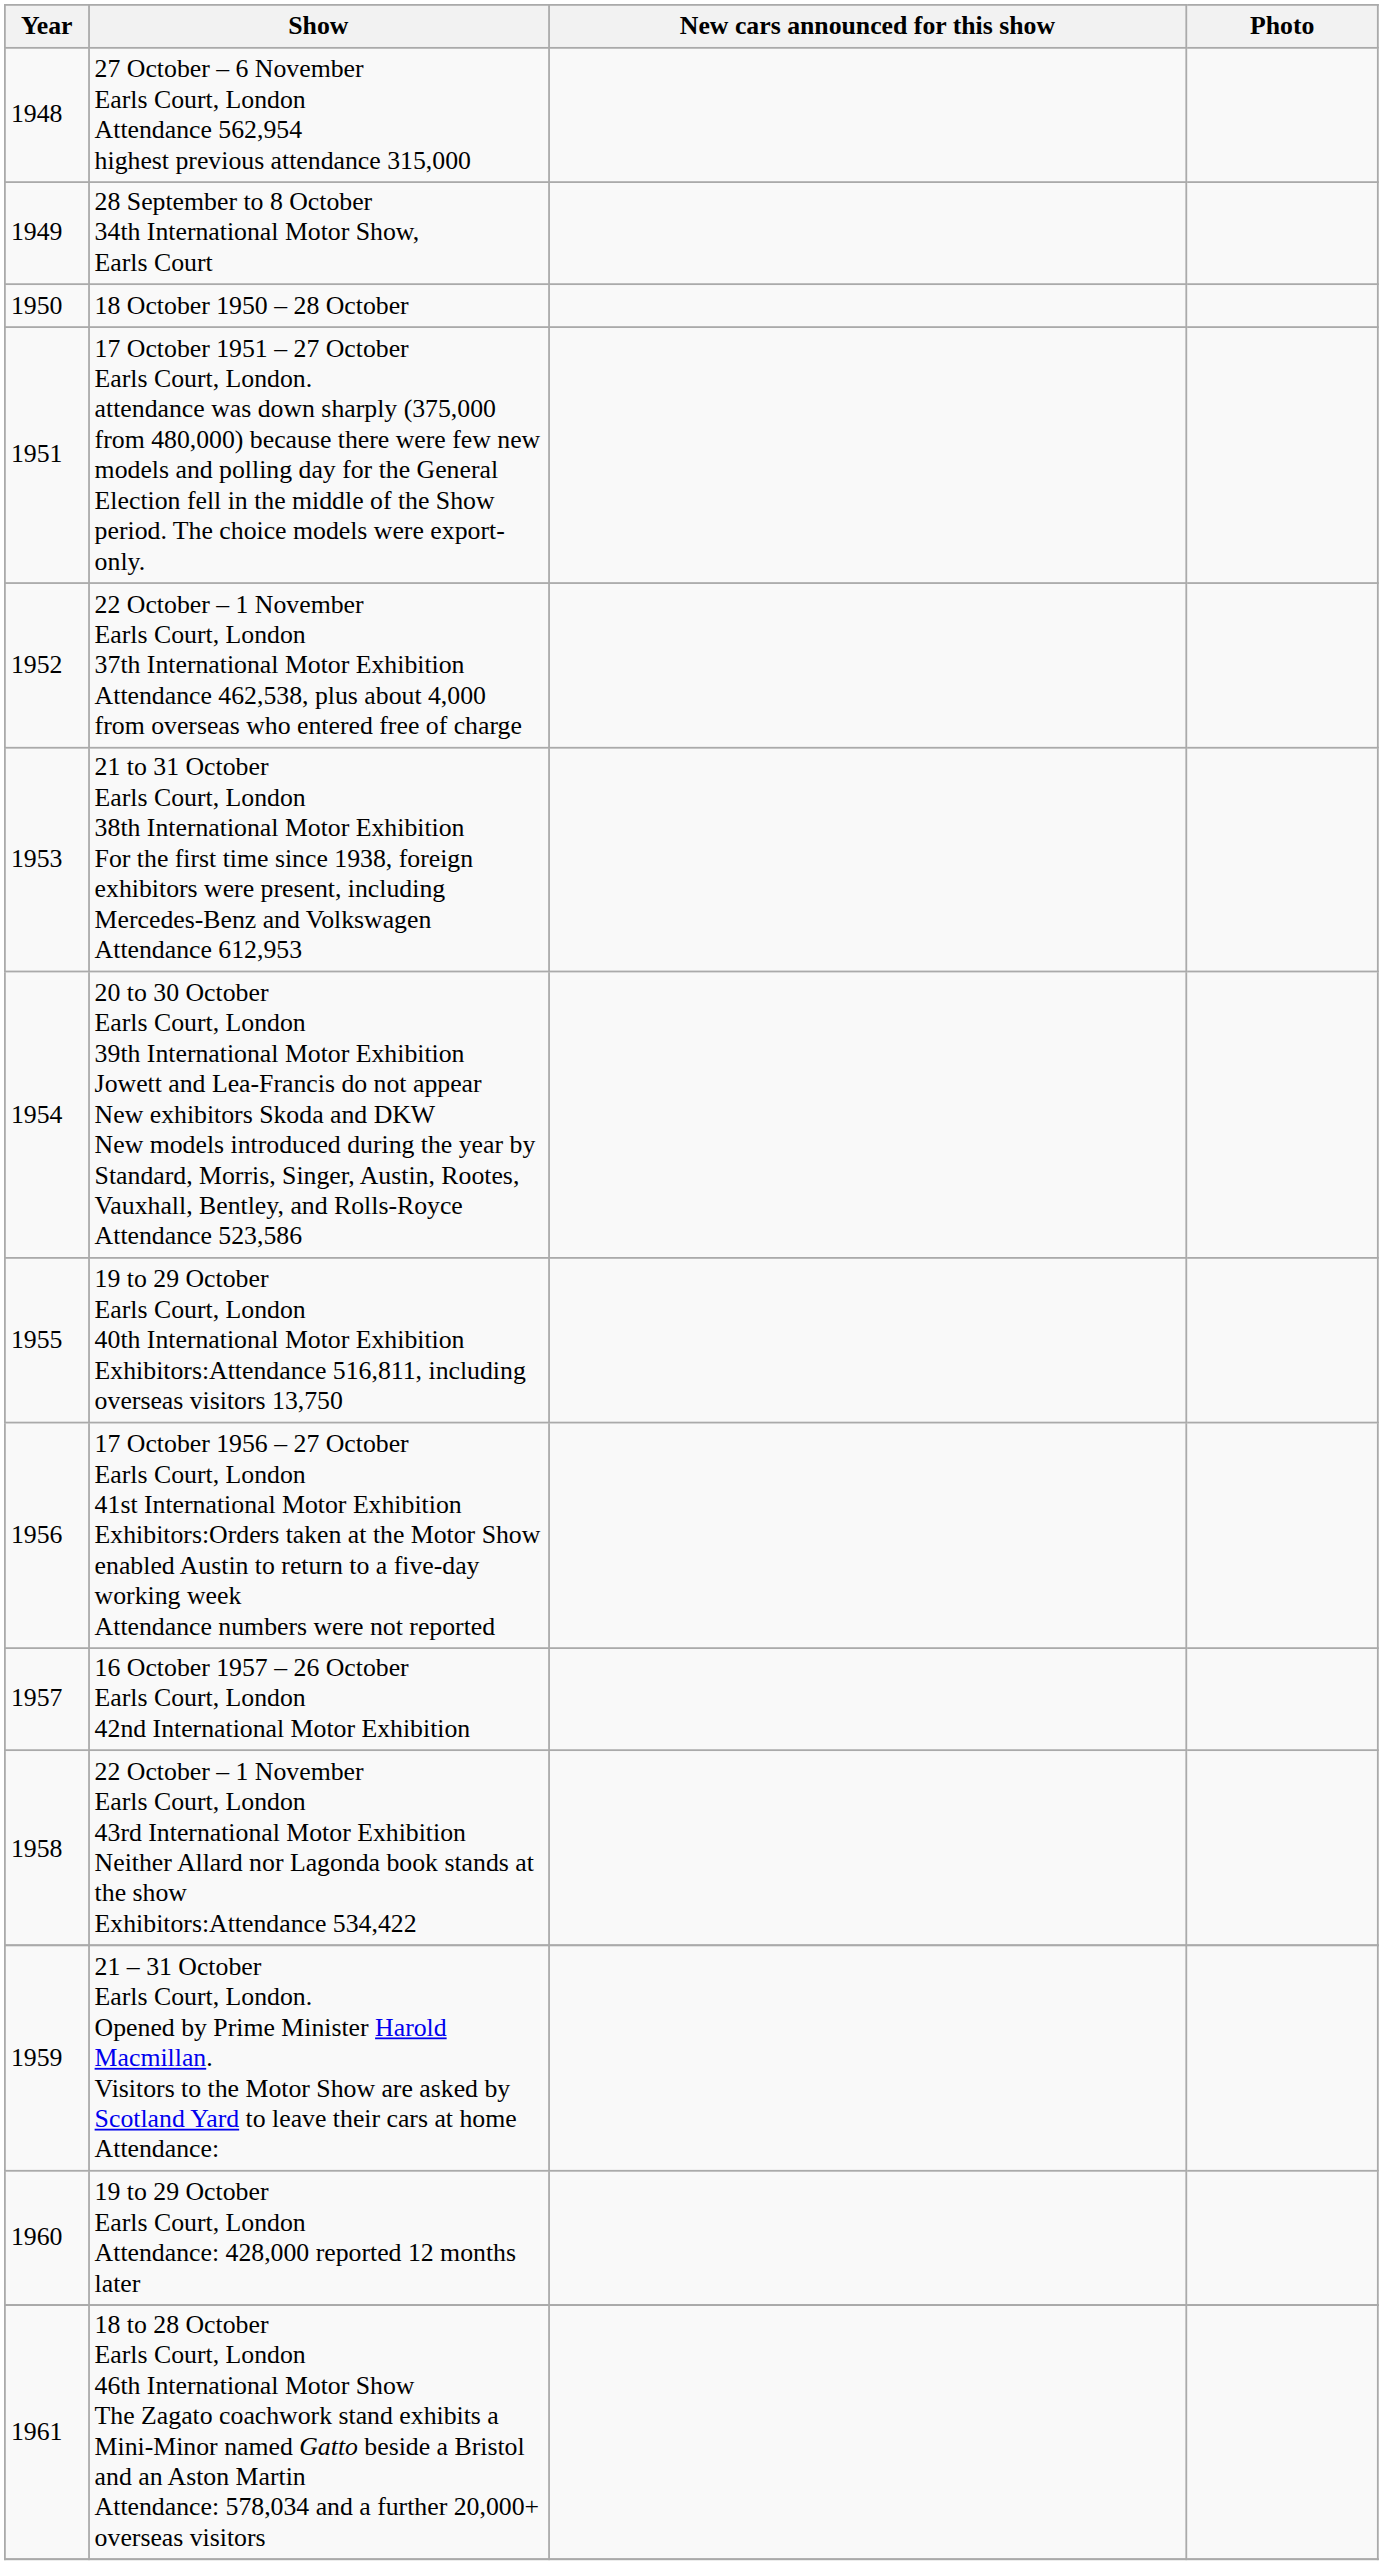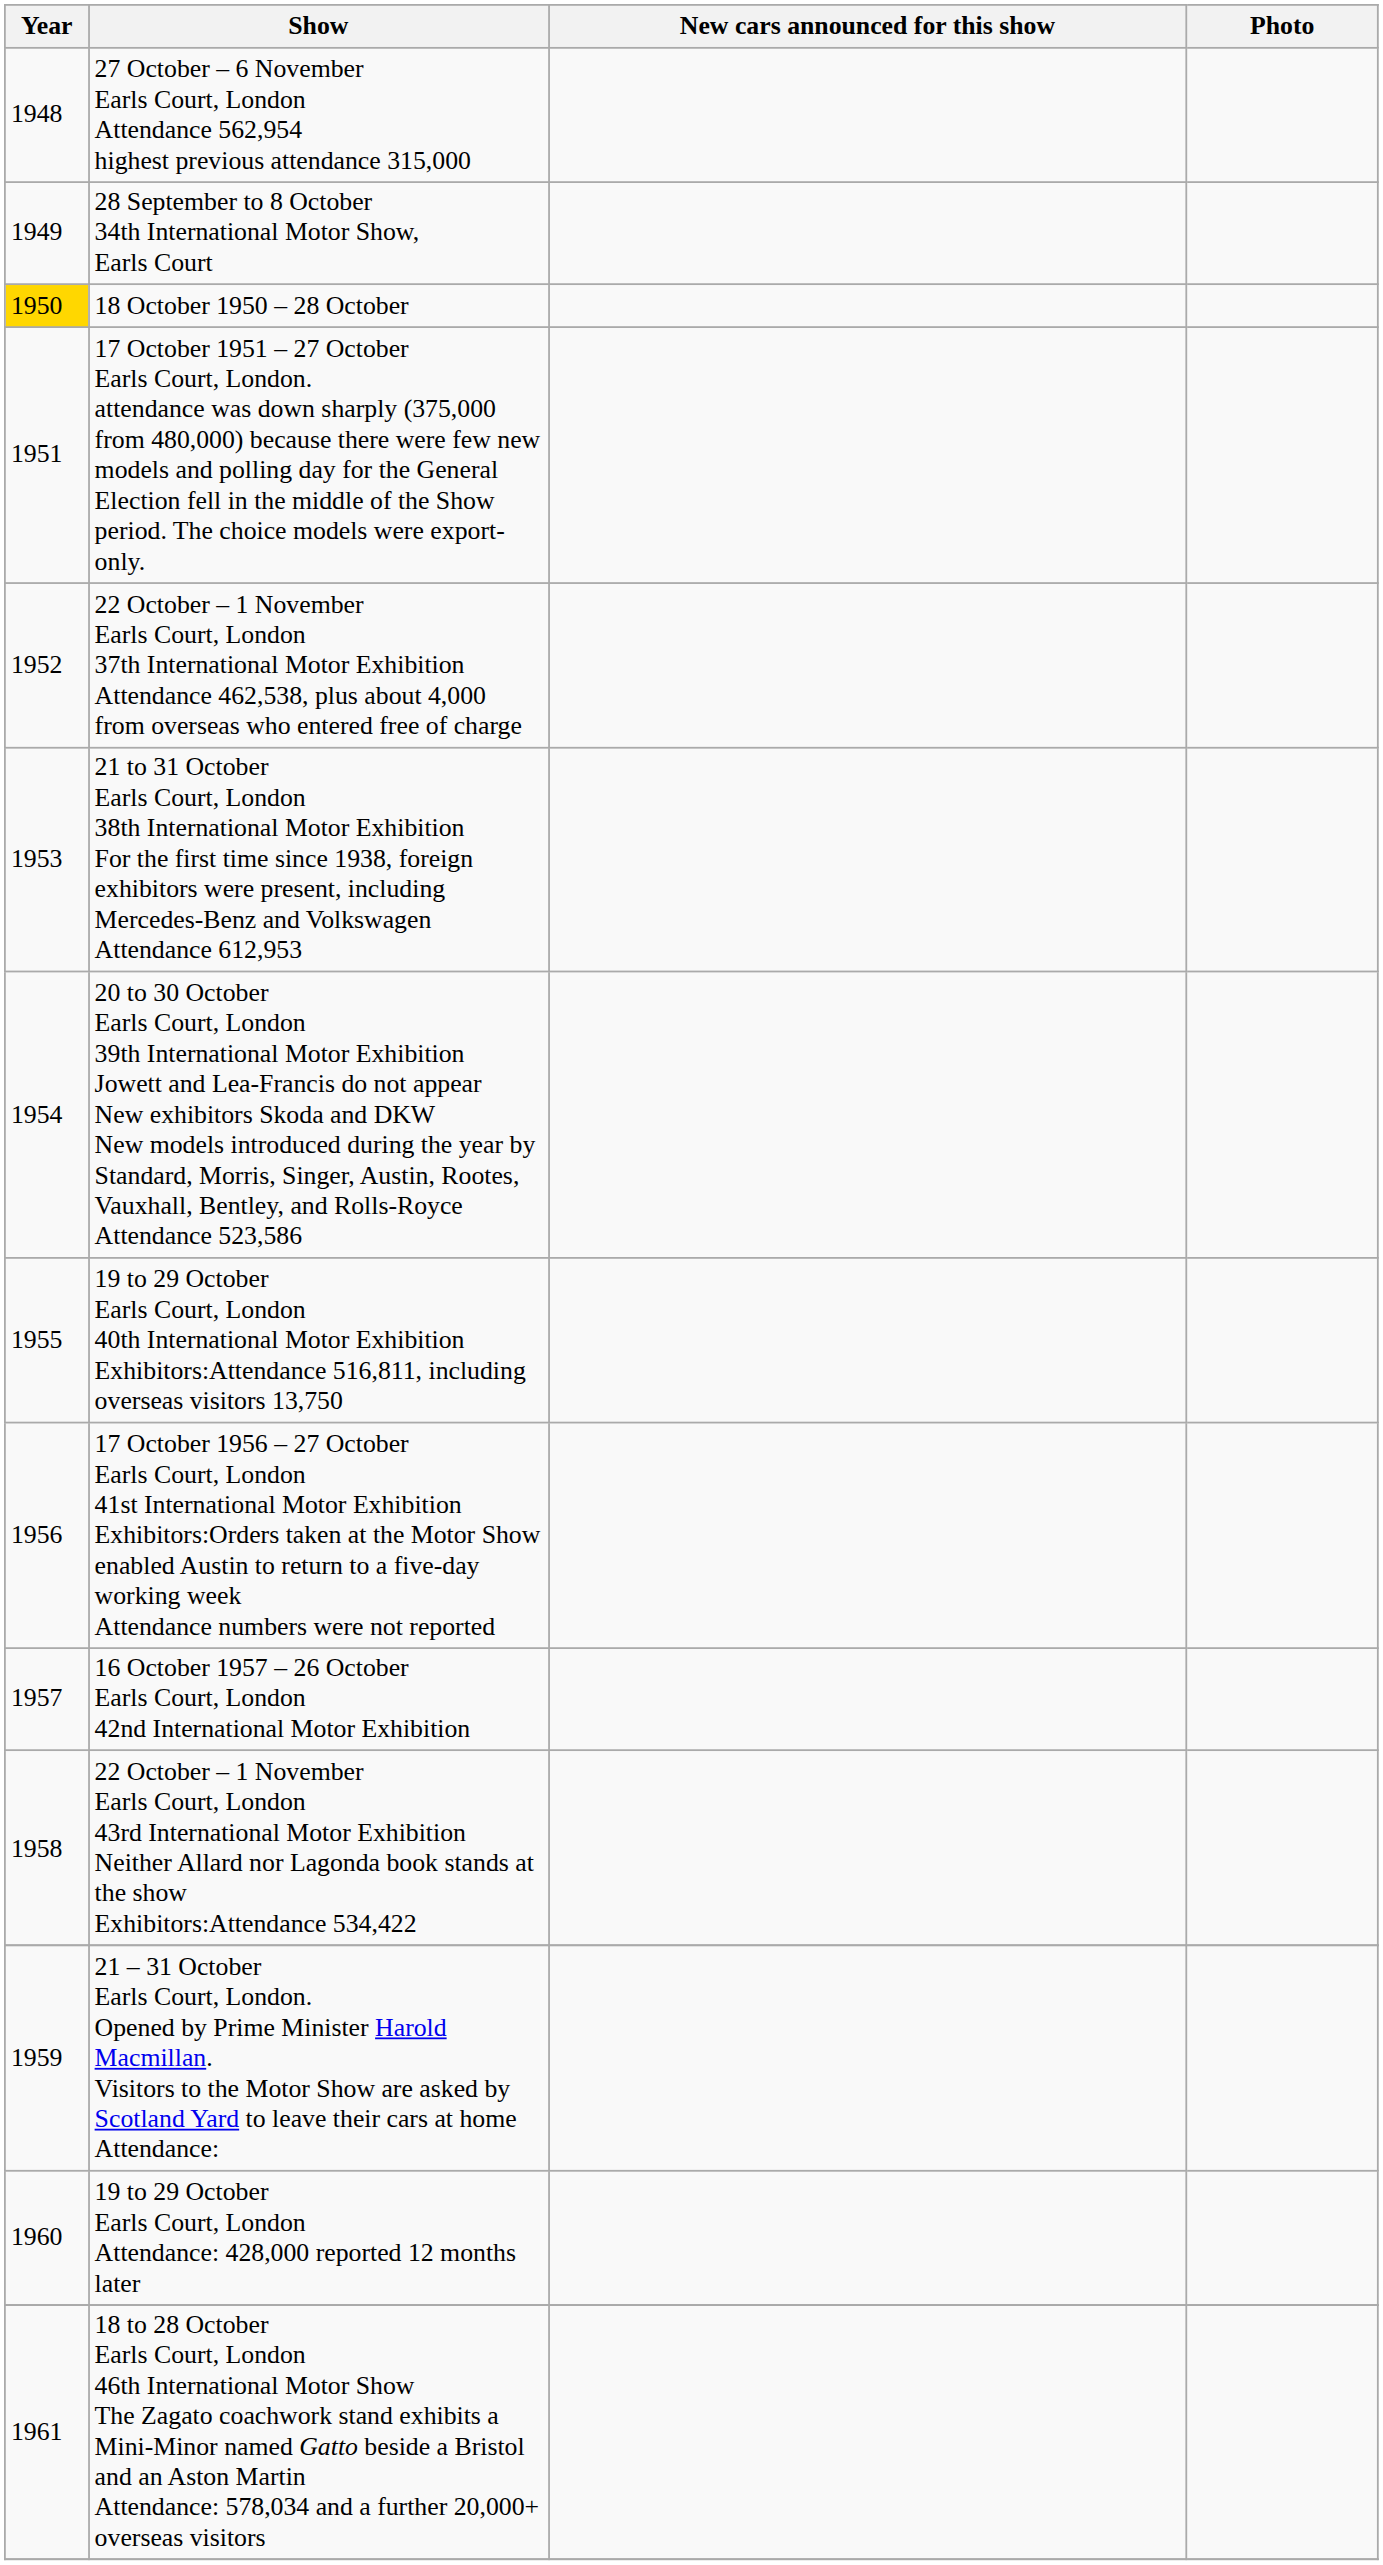 <table class="wikitable" style="font-size:90%;">
 <tr>
 <th scope="col" style="width: 40px;">Year</th>
 <th scope="col" style="width: 250px;">Show</th>
 <th scope="col" style="width: 350px;">New cars announced for this show</th>
 <th scope="col" style="width: 100px;">Photo</th>
 </tr>
 <tr>
 <td>1948</td>
 <td>27 October – 6 November <br>Earls Court, London<br>Attendance 562,954<br> highest previous attendance 315,000</td>
 <td><br></td>
 <td><br></td>
 </tr>
 <tr>
 <td>1949</td>
 <td>28 September to 8 October <br>34th International Motor Show,<br>Earls Court</td>
 <td><br></td>
 <td><br></td>
 </tr>
 <tr>
-<td>1950</td>
+<td style="background: gold;">1950</td>
 <td>18 October 1950 – 28 October<br></td>
 <td><br></td>
 <td><br> </td>
 </tr>
 <tr>
 <td>1951</td>
 <td>17 October 1951 – 27 October <br>Earls Court, London.<br>attendance was down sharply (375,000 from 480,000) because there were few new models and polling day for the General Election fell in the middle of the Show period. The choice models were export-only.</td>
 <td><br></td>
 <td><br> </td>
 </tr>
 <tr>
 <td>1952</td>
 <td>22 October – 1 November <br>Earls Court, London <br>37th International Motor Exhibition<br>Attendance 462,538, plus about 4,000 from overseas who entered free of charge</td>
 <td><br></td>
 <td><br></td>
 </tr>
 <tr>
 <td>1953</td>
 <td>21 to 31 October <br>Earls Court, London<br>38th International Motor Exhibition<br>For the first time since 1938, foreign exhibitors were present, including Mercedes-Benz and Volkswagen<br>Attendance 612,953</td>
 <td><br></td>
 <td><br> </td>
 </tr>
 <tr>
 <td>1954</td>
 <td>20 to 30 October <br>Earls Court, London<br>39th International Motor Exhibition<br>Jowett and Lea-Francis do not appear<br>New exhibitors Skoda and DKW<br>New models introduced during the year by Standard, Morris, Singer, Austin, Rootes, Vauxhall, Bentley, and Rolls-Royce<br>Attendance 523,586</td>
 <td><br></td>
 <td><br> </td>
 </tr>
 <tr>
 <td>1955</td>
 <td>19 to 29 October <br>Earls Court, London<br>40th International Motor Exhibition<br>Exhibitors:Attendance 516,811, including overseas visitors 13,750</td>
 <td><br></td>
 <td><br>  </td>
 </tr>
 <tr>
 <td>1956</td>
 <td>17 October 1956 – 27 October <br>Earls Court, London<br>41st International Motor Exhibition<br>Exhibitors:Orders taken at the Motor Show enabled Austin to return to a five-day working week<br>Attendance numbers were not reported</td>
 <td><br></td>
 <td><br>  </td>
 </tr>
 <tr>
 <td>1957</td>
 <td>16 October 1957 – 26 October <br>Earls Court, London<br>42nd International Motor Exhibition</td>
 <td><br></td>
 <td><br>  </td>
 </tr>
 <tr>
 <td>1958</td>
 <td>22 October – 1 November <br>Earls Court, London<br>43rd International Motor Exhibition<br>Neither Allard nor Lagonda book stands at the show<br>Exhibitors:Attendance 534,422</td>
 <td><br></td>
 <td><br>  </td>
 </tr>
 <tr>
 </tr>
 <tr>
 <td>1959</td>
 <td>21 – 31 October <br>Earls Court, London.<br>Opened by Prime Minister <a href='#'>Harold Macmillan</a>.<br>Visitors to the Motor Show are asked by <a href='#'>Scotland Yard</a> to leave their cars at home<br>Attendance:</td>
 <td><br></td>
 <td><br>  <br></td>
 </tr>
 <tr>
 <td>1960</td>
 <td>19 to 29 October <br>Earls Court, London<br>Attendance: 428,000 reported 12 months later</td>
 <td><br></td>
 <td><br>  </td>
 </tr>
 <tr>
 </tr>
 <tr>
 <td>1961</td>
 <td>18 to 28 October <br>Earls Court, London<br>46th International Motor Show<br>The Zagato coachwork stand exhibits a Mini-Minor named <em>Gatto</em> beside a Bristol and an Aston Martin<br>Attendance: 578,034 and a further 20,000+ overseas visitors</td>
 <td><br></td>
 <td><br>  </td>
 </tr>
 <tr>
 </tr>
 </table>
